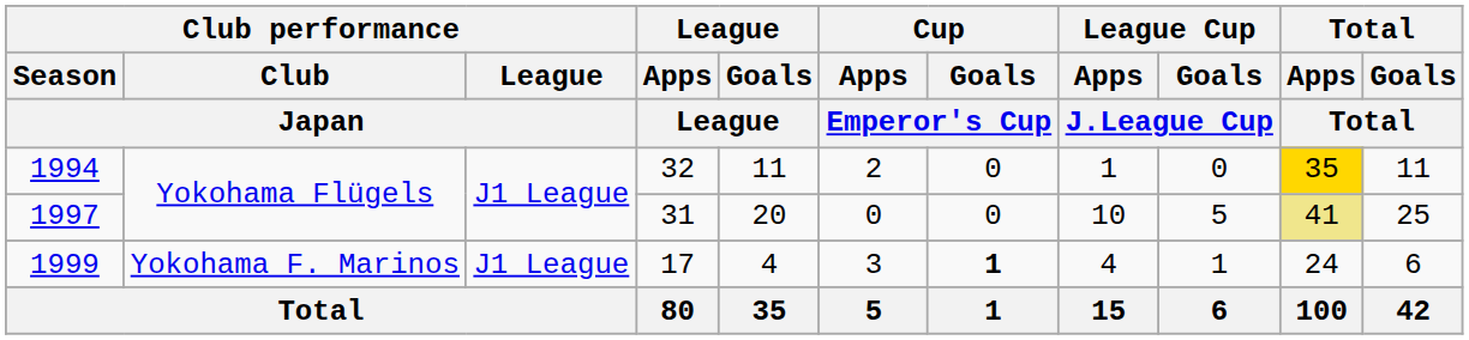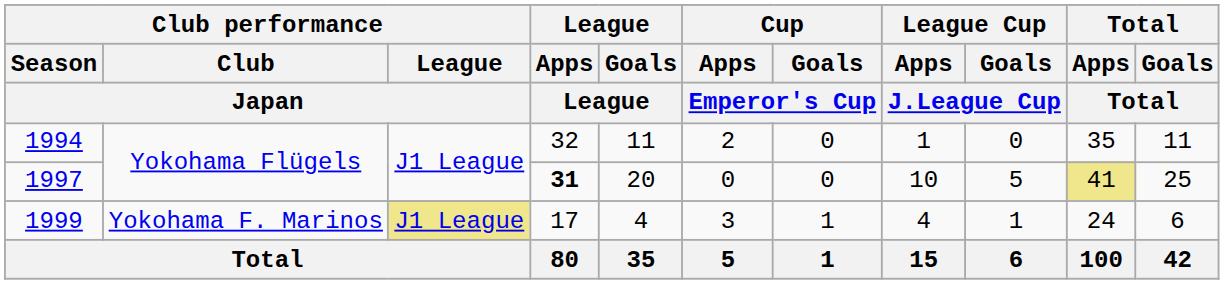 <table class="wikitable" style="text-align:center;">
 <tr>
 <th colspan=3>Club performance</th>
 <th colspan=2>League</th>
 <th colspan=2>Cup</th>
 <th colspan=2>League Cup</th>
 <th colspan=2>Total</th>
 </tr>
 <tr>
 <th>Season</th>
 <th>Club</th>
 <th>League</th>
 <th>Apps</th>
 <th>Goals</th>
 <th>Apps</th>
 <th>Goals</th>
 <th>Apps</th>
 <th>Goals</th>
 <th>Apps</th>
 <th>Goals</th>
 </tr>
 <tr>
 <th colspan=3>Japan</th>
 <th colspan=2>League</th>
 <th colspan=2><a href='#'>Emperor's Cup</a></th>
 <th colspan=2><a href='#'>J.League Cup</a></th>
 <th colspan=2>Total</th>
 </tr>
 <tr>
 <td><a href='#'>1994</a></td>
 <td rowspan="2"><a href='#'>Yokohama Flügels</a></td>
 <td rowspan="2"><a href='#'>J1 League</a></td>
 <td>32</td>
 <td>11</td>
 <td>2</td>
 <td>0</td>
 <td>1</td>
 <td>0</td>
-<td style="background: gold;">35</td>
+<td>35</td>
 <td>11</td>
 </tr>
 <tr>
 <td><a href='#'>1997</a></td>
-<td>31</td>
+<td><strong>31</strong></td>
 <td>20</td>
 <td>0</td>
 <td>0</td>
 <td>10</td>
 <td>5</td>
 <td style="background: khaki;">41</td>
 <td>25</td>
 </tr>
 <tr>
 <td><a href='#'>1999</a></td>
 <td><a href='#'>Yokohama F. Marinos</a></td>
-<td><a href='#'>J1 League</a></td>
+<td style="background: khaki;"><a href='#'>J1 League</a></td>
 <td>17</td>
 <td>4</td>
 <td>3</td>
-<td><strong>1</strong></td>
+<td>1</td>
 <td>4</td>
 <td>1</td>
 <td>24</td>
 <td>6</td>
 </tr>
 <tr>
 <th colspan=3>Total</th>
 <th>80</th>
 <th>35</th>
 <th>5</th>
 <th>1</th>
 <th>15</th>
 <th>6</th>
 <th>100</th>
 <th>42</th>
 </tr>
 </table>
